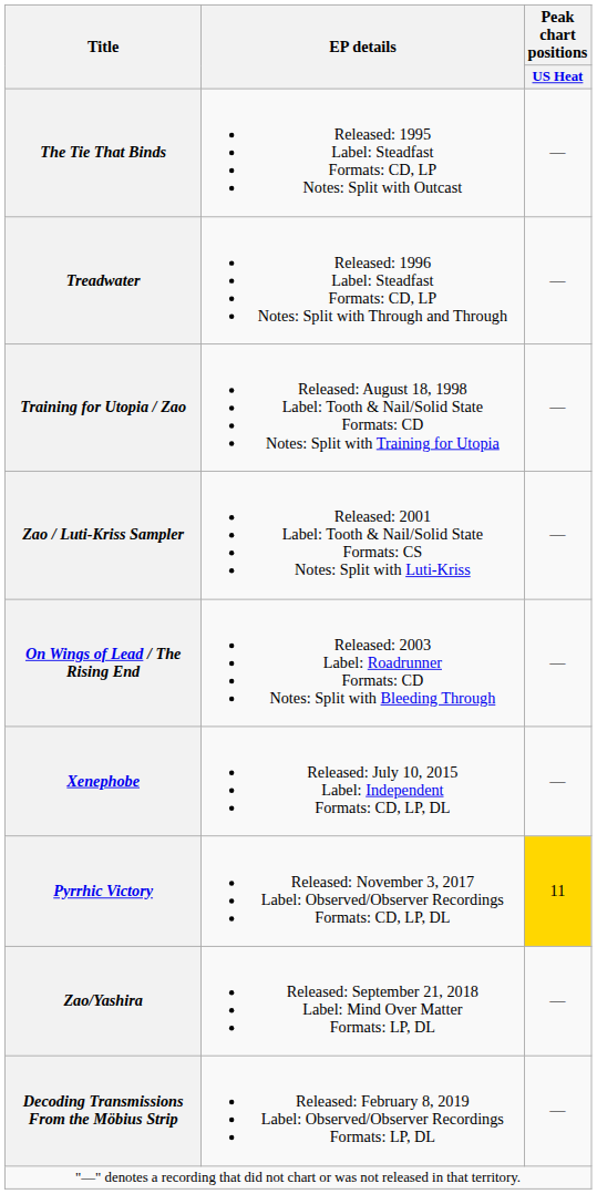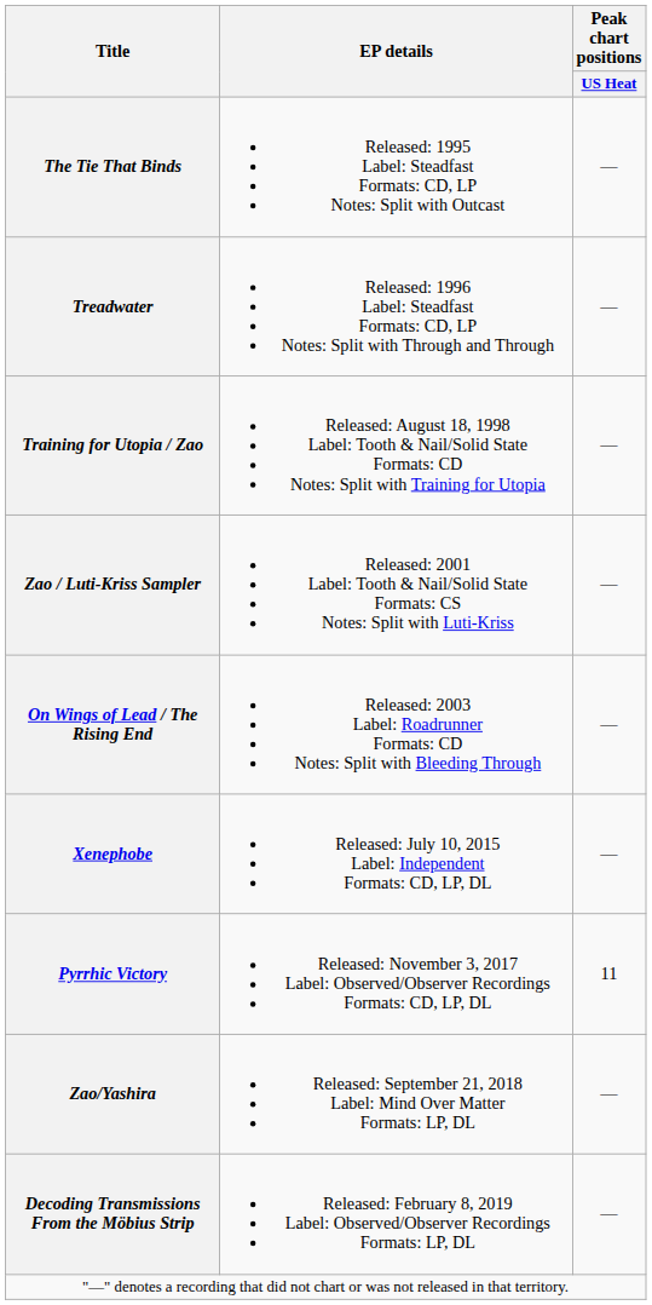 <table class="wikitable plainrowheaders" style="text-align:center;">
 <tr>
 <th scope="col" rowspan="2" style="width:12em;">Title</th>
 <th scope="col" rowspan="2" style="width:20em;">EP details</th>
 <th scope="col" colspan="1">Peak chart positions</th>
 </tr>
 <tr>
 <th scope="col" style="width:3em;font-size:90%;"><a href='#'>US Heat</a><br></th>
 </tr>
 <tr>
 <th scope="row"><em>The Tie That Binds</em></th>
 <td><br><ul><li>Released: 1995</li><li>Label: Steadfast</li><li>Formats: CD, LP</li><li>Notes: Split with Outcast</li></ul></td>
 <td>—</td>
 </tr>
 <tr>
 <th scope="row"><em>Treadwater</em></th>
 <td><br><ul><li>Released: 1996</li><li>Label: Steadfast</li><li>Formats: CD, LP</li><li>Notes: Split with Through and Through</li></ul></td>
 <td>—</td>
 </tr>
 <tr>
 <th scope="row"><em>Training for Utopia / Zao</em></th>
 <td><br><ul><li>Released: August 18, 1998</li><li>Label: Tooth & Nail/Solid State</li><li>Formats: CD</li><li>Notes: Split with <a href='#'>Training for Utopia</a></li></ul></td>
 <td>—</td>
 </tr>
 <tr>
 <th scope="row"><em>Zao / Luti-Kriss Sampler</em></th>
 <td><br><ul><li>Released: 2001</li><li>Label: Tooth & Nail/Solid State</li><li>Formats: CS</li><li>Notes: Split with <a href='#'>Luti-Kriss</a></li></ul></td>
 <td>—</td>
 </tr>
 <tr>
 <th scope="row"><em><a href='#'>On Wings of Lead</a> / The Rising End</em></th>
 <td><br><ul><li>Released: 2003</li><li>Label: <a href='#'>Roadrunner</a></li><li>Formats: CD</li><li>Notes: Split with <a href='#'>Bleeding Through</a></li></ul></td>
 <td>—</td>
 </tr>
 <tr>
 <th scope="row"><em><a href='#'>Xenephobe</a></em></th>
 <td><br><ul><li>Released: July 10, 2015</li><li>Label: <a href='#'>Independent</a></li><li>Formats: CD, LP, DL</li></ul></td>
 <td>—</td>
 </tr>
 <tr>
 <th scope="row"><em><a href='#'>Pyrrhic Victory</a></em></th>
 <td><br><ul><li>Released: November 3, 2017</li><li>Label: Observed/Observer Recordings</li><li>Formats: CD, LP, DL</li></ul></td>
-<td style="background: gold;">11</td>
+<td>11</td>
 </tr>
 <tr>
 <th scope="row"><em>Zao/Yashira</em></th>
 <td><br><ul><li>Released: September 21, 2018</li><li>Label: Mind Over Matter</li><li>Formats: LP, DL</li></ul></td>
 <td>—</td>
 </tr>
 <tr>
 <th scope="row"><em>Decoding Transmissions From the Möbius Strip</em></th>
 <td><br><ul><li>Released: February 8, 2019</li><li>Label: Observed/Observer Recordings</li><li>Formats: LP, DL</li></ul></td>
 <td>—</td>
 </tr>
 <tr>
 <td colspan="4" style="font-size:90%">"—" denotes a recording that did not chart or was not released in that territory.</td>
 </tr>
 </table>
